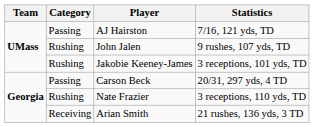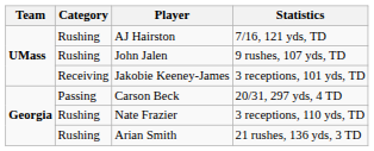 <table class="wikitable" style="float: right;">
 <tr>
 <th>Team</th>
 <th>Category</th>
 <th>Player</th>
 <th>Statistics</th>
 </tr>
 <tr>
 <td rowspan=3><strong>UMass</strong></td>
-<td>Passing</td>
+<td>Rushing</td>
 <td>AJ Hairston</td>
 <td>7/16, 121 yds, TD</td>
 </tr>
 <tr>
 <td>Rushing</td>
 <td>John Jalen</td>
 <td>9 rushes, 107 yds, TD</td>
 </tr>
 <tr>
-<td>Rushing</td>
+<td>Receiving</td>
 <td>Jakobie Keeney-James</td>
 <td>3 receptions, 101 yds, TD</td>
 </tr>
 <tr>
 <td rowspan=3><strong>Georgia</strong></td>
 <td>Passing</td>
 <td>Carson Beck</td>
 <td>20/31, 297 yds, 4 TD</td>
 </tr>
 <tr>
 <td>Rushing</td>
 <td>Nate Frazier</td>
 <td>3 receptions, 110 yds, TD</td>
 </tr>
 <tr>
-<td>Receiving</td>
+<td>Rushing</td>
 <td>Arian Smith</td>
 <td>21 rushes, 136 yds, 3 TD</td>
 </tr>
 </table>
